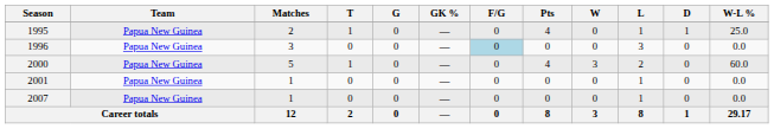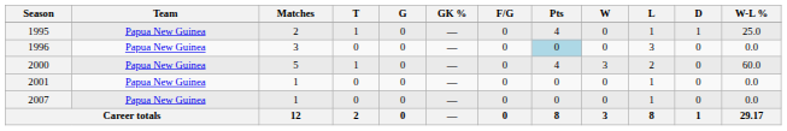 <table class="wikitable sortable"  style="font-size:90%; text-align:center; width:85%;">
 <tr>
 <th width=2%>Season</th>
 <th width=8%>Team</th>
 <th width=2%>Matches</th>
 <th width=2%>T</th>
 <th width=2%>G</th>
 <th width=2%>GK %</th>
 <th width=2%>F/G</th>
 <th width=2%>Pts</th>
 <th width=2%>W</th>
 <th width=2%>L</th>
 <th width=2%>D</th>
 <th width=2%>W-L %</th>
 </tr>
 <tr>
 </tr>
 <tr style="background-color: #EAEAEA">
 <th scope="row" style="text-align:center; font-weight:normal">1995</th>
 <td style="text-align:center;"><a href='#'>Papua New Guinea</a></td>
 <td>2</td>
 <td>1</td>
 <td>0</td>
 <td>—</td>
 <td>0</td>
 <td>4</td>
 <td>0</td>
 <td>1</td>
 <td>1</td>
 <td>25.0</td>
 </tr>
 <tr>
 <th scope="row" style="text-align:center; font-weight:normal">1996</th>
 <td style="text-align:center;"><a href='#'>Papua New Guinea</a></td>
 <td>3</td>
 <td>0</td>
 <td>0</td>
 <td>—</td>
+<td>0</td>
 <td style="background: lightblue;">0</td>
-<td>0</td>
 <td>0</td>
 <td>3</td>
 <td>0</td>
 <td>0.0</td>
 </tr>
 <tr style="background-color: #EAEAEA">
 <th scope="row" style="text-align:center; font-weight:normal">2000</th>
 <td style="text-align:center;"><a href='#'>Papua New Guinea</a></td>
 <td>5</td>
 <td>1</td>
 <td>0</td>
 <td>—</td>
 <td>0</td>
 <td>4</td>
 <td>3</td>
 <td>2</td>
 <td>0</td>
 <td>60.0</td>
 </tr>
 <tr>
 <th scope="row" style="text-align:center; font-weight:normal">2001</th>
 <td style="text-align:center;"><a href='#'>Papua New Guinea</a></td>
 <td>1</td>
 <td>0</td>
 <td>0</td>
 <td>—</td>
 <td>0</td>
 <td>0</td>
 <td>0</td>
 <td>1</td>
 <td>0</td>
 <td>0.0</td>
 </tr>
 <tr style="background-color: #EAEAEA">
 <th scope="row" style="text-align:center; font-weight:normal">2007</th>
 <td style="text-align:center;"><a href='#'>Papua New Guinea</a></td>
 <td>1</td>
 <td>0</td>
 <td>0</td>
 <td>—</td>
 <td>0</td>
 <td>0</td>
 <td>0</td>
 <td>1</td>
 <td>0</td>
 <td>0.0</td>
 </tr>
 <tr class="sortbottom">
 <th colspan=2>Career totals</th>
 <th>12</th>
 <th>2</th>
 <th>0</th>
 <th>—</th>
 <th>0</th>
 <th>8</th>
 <th>3</th>
 <th>8</th>
 <th>1</th>
 <th>29.17</th>
 </tr>
 </table>
